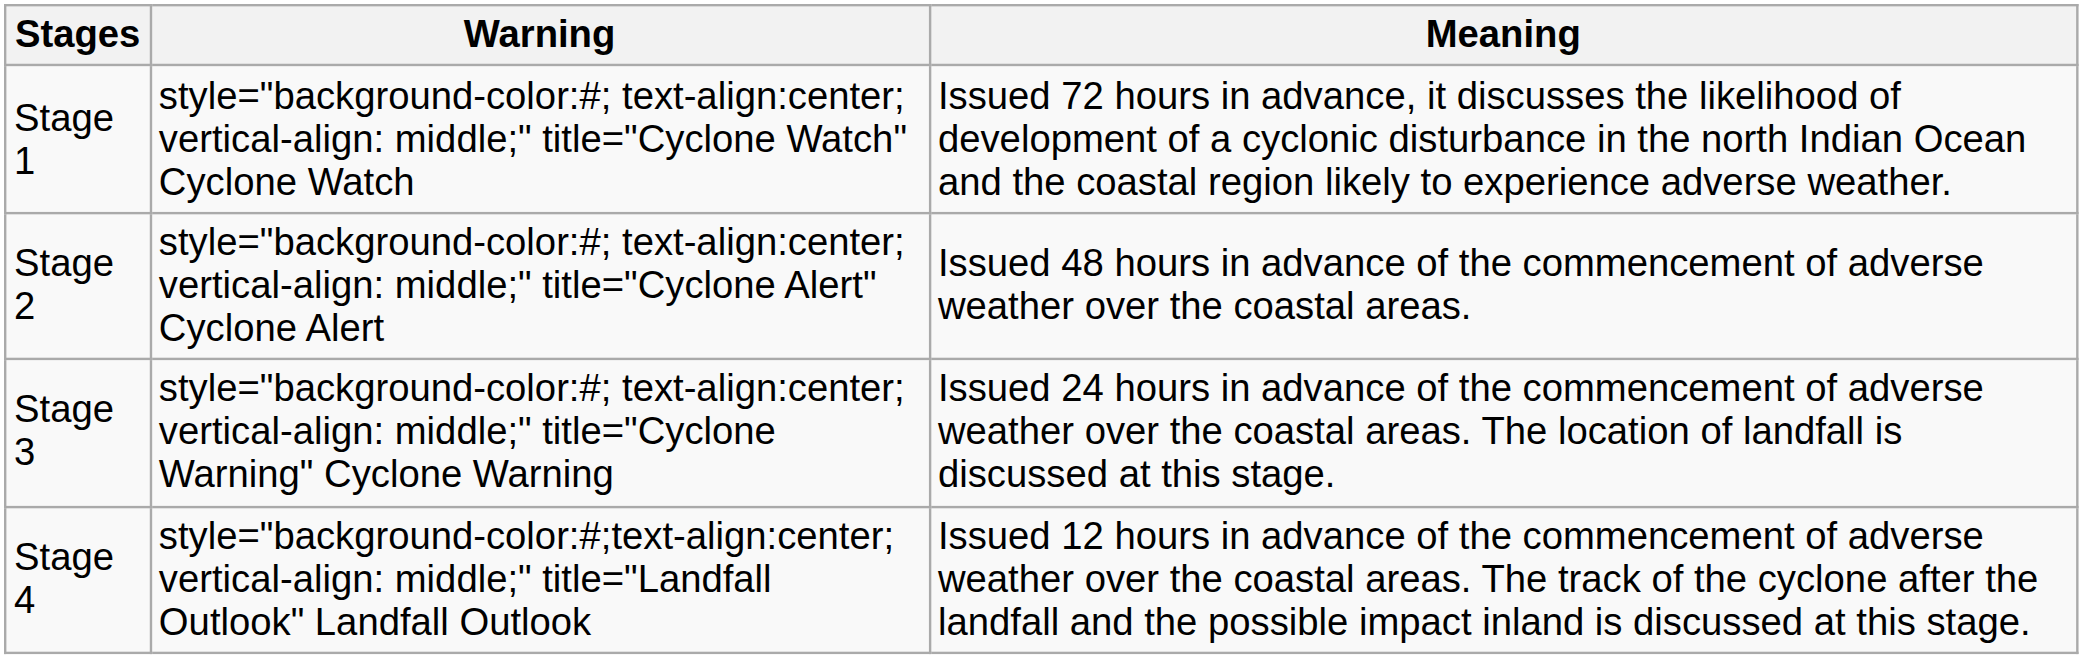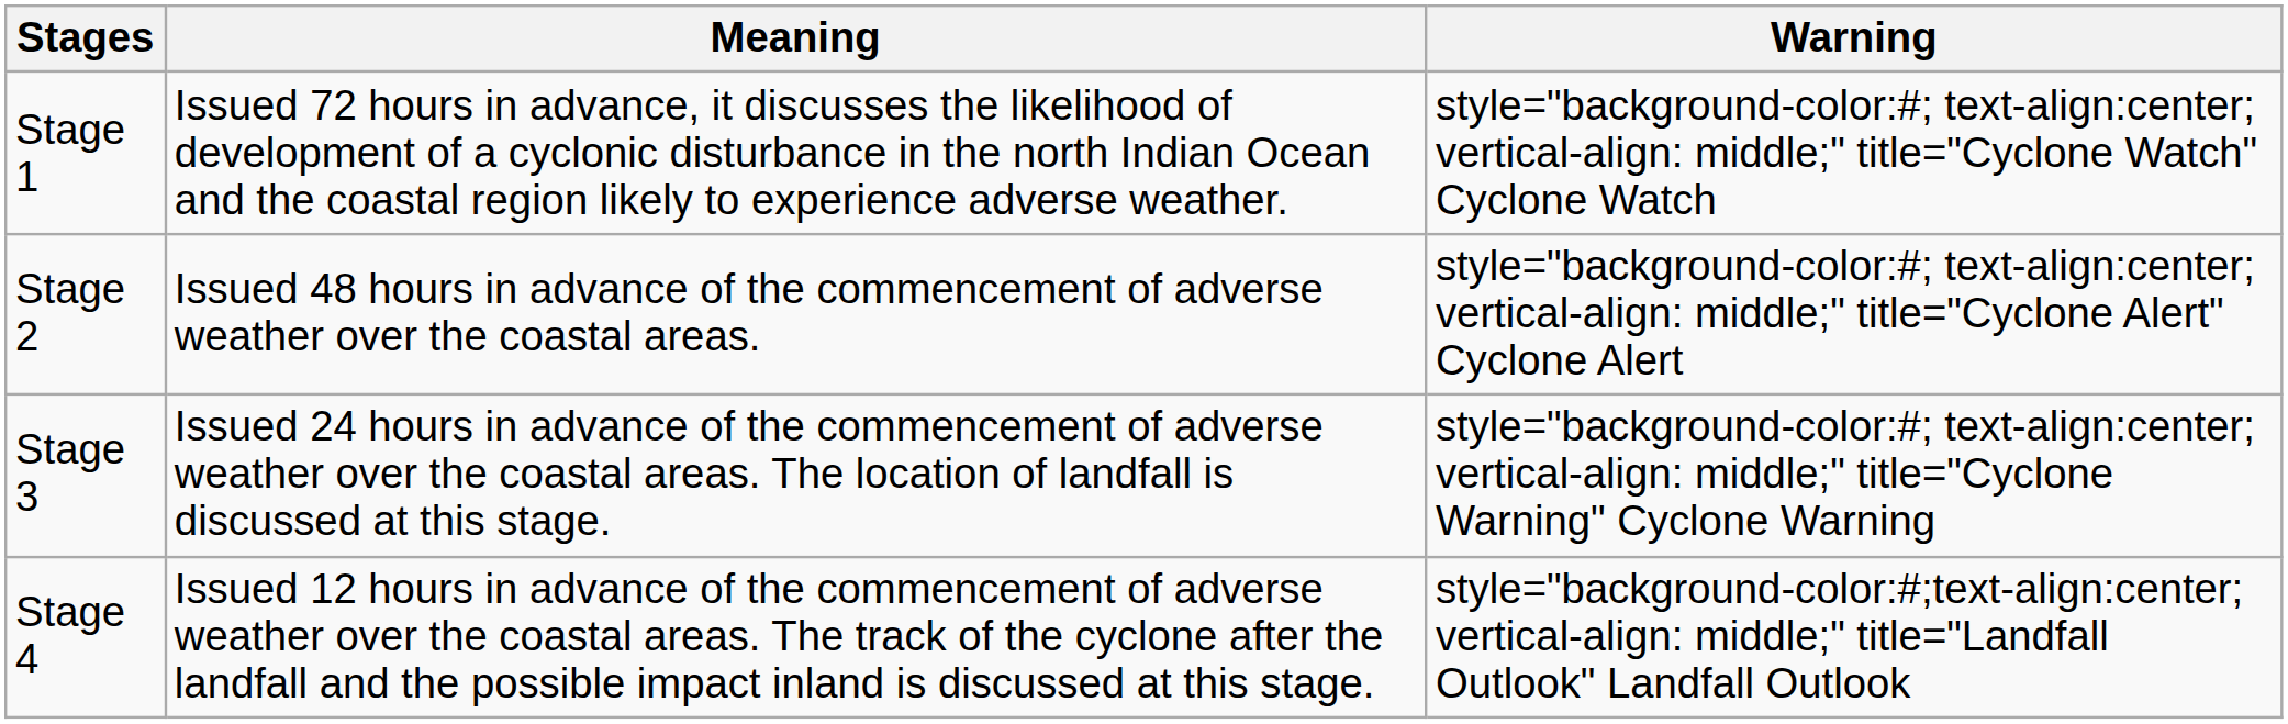 <table class="wikitable">
 <tr>
 <th>Stages</th>
+<th>Meaning</th>
 <th>Warning</th>
-<th>Meaning</th>
 </tr>
 <tr>
 <td>Stage 1</td>
+<td>Issued 72 hours in advance, it discusses the likelihood of development of a cyclonic disturbance in the north Indian Ocean and the coastal region likely to experience adverse weather.</td>
 <td>style="background-color:#; text-align:center; vertical-align: middle;" title="Cyclone Watch" Cyclone Watch</td>
-<td>Issued 72 hours in advance, it discusses the likelihood of development of a cyclonic disturbance in the north Indian Ocean and the coastal region likely to experience adverse weather.</td>
 </tr>
 <tr>
 <td>Stage 2</td>
+<td>Issued 48 hours in advance of the commencement of adverse weather over the coastal areas.</td>
 <td>style="background-color:#; text-align:center; vertical-align: middle;" title="Cyclone Alert" Cyclone Alert</td>
-<td>Issued 48 hours in advance of the commencement of adverse weather over the coastal areas.</td>
 </tr>
 <tr>
 <td>Stage 3</td>
+<td>Issued 24 hours in advance of the commencement of adverse weather over the coastal areas. The location of landfall is discussed at this stage.</td>
 <td>style="background-color:#; text-align:center; vertical-align: middle;" title="Cyclone Warning" Cyclone Warning</td>
-<td>Issued 24 hours in advance of the commencement of adverse weather over the coastal areas. The location of landfall is discussed at this stage.</td>
 </tr>
 <tr>
 <td>Stage 4</td>
+<td>Issued 12 hours in advance of the commencement of adverse weather over the coastal areas. The track of the cyclone after the landfall and the possible impact inland is discussed at this stage.</td>
 <td>style="background-color:#;text-align:center; vertical-align: middle;" title="Landfall Outlook" Landfall Outlook</td>
-<td>Issued 12 hours in advance of the commencement of adverse weather over the coastal areas. The track of the cyclone after the landfall and the possible impact inland is discussed at this stage.</td>
 </tr>
 </table>
